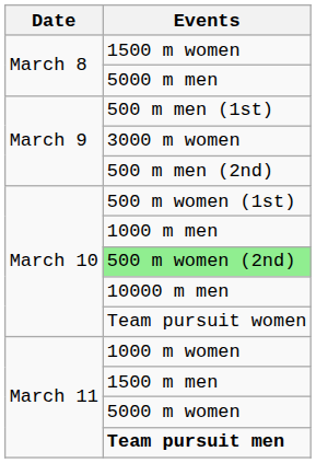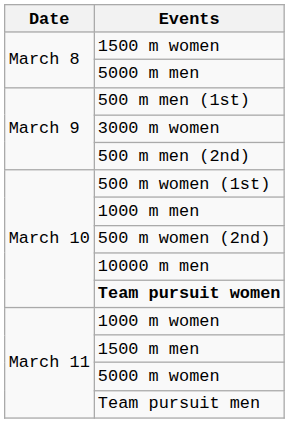 <table class="wikitable" border="1">
 <tr>
 <th>Date</th>
 <th>Events</th>
 </tr>
 <tr>
 <td rowspan=2>March 8</td>
 <td>1500 m women</td>
 </tr>
 <tr>
 <td>5000 m men</td>
 </tr>
 <tr>
 <td rowspan=3>March 9</td>
 <td>500 m men (1st)</td>
 </tr>
 <tr>
 <td>3000 m women</td>
 </tr>
 <tr>
 <td>500 m men (2nd)</td>
 </tr>
 <tr>
 <td rowspan=5>March 10</td>
 <td>500 m women (1st)</td>
 </tr>
 <tr>
 <td>1000 m men</td>
 </tr>
 <tr>
-<td style="background: lightgreen;">500 m women (2nd)</td>
+<td>500 m women (2nd)</td>
 </tr>
 <tr>
 <td>10000 m men</td>
 </tr>
 <tr>
-<td>Team pursuit women</td>
+<td><strong>Team pursuit women</strong></td>
 </tr>
 <tr>
 <td rowspan=5>March 11</td>
 <td>1000 m women</td>
 </tr>
 <tr>
 <td>1500 m men</td>
 </tr>
 <tr>
 <td>5000 m women</td>
 </tr>
 <tr>
-<td><strong>Team pursuit men</strong></td>
+<td>Team pursuit men</td>
 </tr>
 </table>
